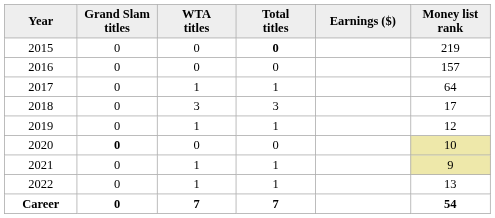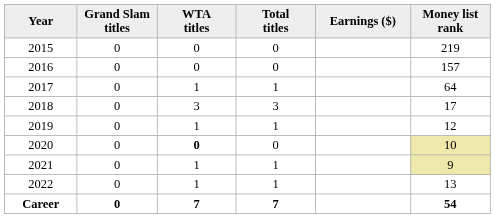 <table cellpadding=3 cellspacing=0 border=1 style=border:#aaa;solid:1px;border-collapse:collapse;text-align:center;>
 <tr style=background:#eee;font-weight:bold>
 <td width="90">Year</td>
 <td width="100">Grand Slam <br>titles</td>
 <td width="100">WTA <br>titles</td>
 <td width="100">Total <br>titles</td>
 <td width="120">Earnings ($)</td>
 <td width="100">Money list rank</td>
 </tr>
 <tr>
 <td>2015</td>
 <td>0</td>
 <td>0</td>
-<td><strong>0</strong></td>
+<td>0</td>
 <td style=text-align:right></td>
 <td>219</td>
 </tr>
 <tr>
 <td>2016</td>
 <td>0</td>
 <td>0</td>
 <td>0</td>
 <td style=text-align:right></td>
 <td>157</td>
 </tr>
 <tr>
 <td>2017</td>
 <td>0</td>
 <td>1</td>
 <td>1</td>
 <td style=text-align:right></td>
 <td>64</td>
 </tr>
 <tr>
 <td>2018</td>
 <td>0</td>
 <td>3</td>
 <td>3</td>
 <td style=text-align:right></td>
 <td>17</td>
 </tr>
 <tr>
 <td>2019</td>
 <td>0</td>
 <td>1</td>
 <td>1</td>
 <td style=text-align:right></td>
 <td>12</td>
 </tr>
 <tr>
 <td>2020</td>
+<td>0</td>
 <td><strong>0</strong></td>
-<td>0</td>
 <td>0</td>
 <td style=text-align:right></td>
 <td style=background:#eee8aa>10</td>
 </tr>
 <tr>
 <td>2021</td>
 <td>0</td>
 <td>1</td>
 <td>1</td>
 <td style=text-align:right></td>
 <td style=background:#eee8aa>9</td>
 </tr>
 <tr>
 <td>2022</td>
 <td>0</td>
 <td>1</td>
 <td>1</td>
 <td align="right"></td>
 <td>13</td>
 </tr>
 <tr style=font-weight:bold>
 <td>Career</td>
 <td>0</td>
 <td>7</td>
 <td>7</td>
 <td style=text-align:right></td>
 <td>54</td>
 </tr>
 </table>
